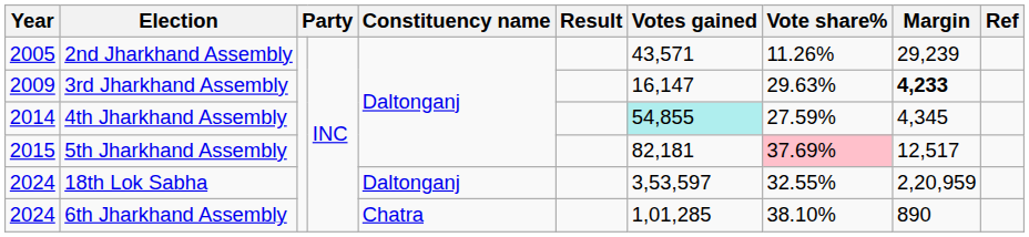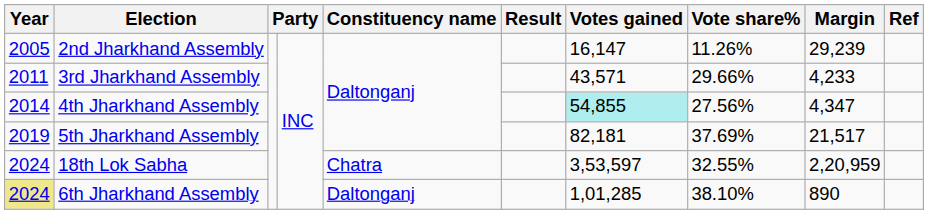 <table class="wikitable">
 <tr>
 <th>Year</th>
 <th>Election</th>
 <th colspan="2">Party</th>
 <th>Constituency name</th>
 <th>Result</th>
 <th>Votes gained</th>
 <th>Vote share%</th>
 <th>Margin</th>
 <th>Ref</th>
 </tr>
 <tr>
 <td><a href='#'>2005</a></td>
 <td><a href='#'>2nd Jharkhand Assembly</a></td>
 <td rowspan="6" style="background-color: "></td>
 <td rowspan="6"><a href='#'>INC</a></td>
 <td rowspan="4"><a href='#'>Daltonganj</a></td>
 <td></td>
-<td>43,571</td>
+<td>16,147</td>
 <td>11.26%</td>
 <td>29,239</td>
 <td></td>
 </tr>
 <tr>
-<td><a href='#'>2009</a></td>
+<td><a href='#'>2011</a></td>
 <td><a href='#'>3rd Jharkhand Assembly</a></td>
 <td></td>
-<td>16,147</td>
-<td>29.63%</td>
-<td><strong>4,233</strong></td>
+<td>43,571</td>
+<td>29.66%</td>
+<td>4,233</td>
 <td></td>
 </tr>
 <tr>
 <td><a href='#'>2014</a></td>
 <td><a href='#'>4th Jharkhand Assembly</a></td>
 <td></td>
 <td style="background: paleturquoise;">54,855</td>
-<td>27.59%</td>
-<td>4,345</td>
+<td>27.56%</td>
+<td>4,347</td>
 <td></td>
 </tr>
 <tr>
-<td><a href='#'>2015</a></td>
+<td><a href='#'>2019</a></td>
 <td><a href='#'>5th Jharkhand Assembly</a></td>
 <td></td>
 <td>82,181</td>
-<td style="background: pink;">37.69%</td>
-<td>12,517</td>
+<td>37.69%</td>
+<td>21,517</td>
 <td></td>
 </tr>
 <tr>
 <td><a href='#'>2024</a></td>
 <td><a href='#'>18th Lok Sabha</a></td>
-<td><a href='#'>Daltonganj</a></td>
+<td><a href='#'>Chatra</a></td>
 <td></td>
 <td>3,53,597</td>
 <td>32.55%</td>
 <td>2,20,959</td>
 <td></td>
 </tr>
 <tr>
-<td><a href='#'>2024</a></td>
+<td style="background: khaki;"><a href='#'>2024</a></td>
 <td><a href='#'>6th Jharkhand Assembly</a></td>
-<td><a href='#'>Chatra</a></td>
+<td><a href='#'>Daltonganj</a></td>
 <td></td>
 <td>1,01,285</td>
 <td>38.10%</td>
 <td>890</td>
 <td></td>
 </tr>
 </table>
